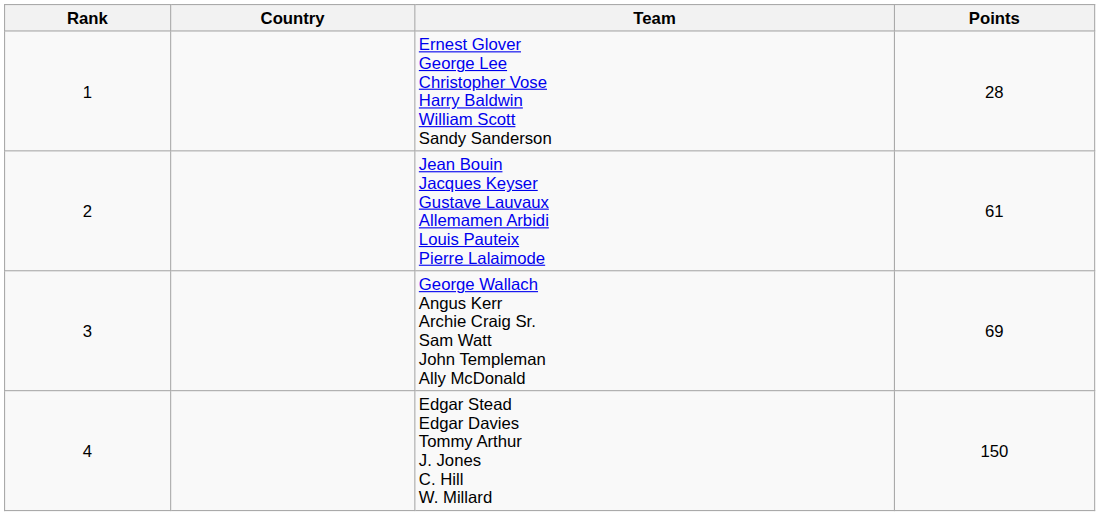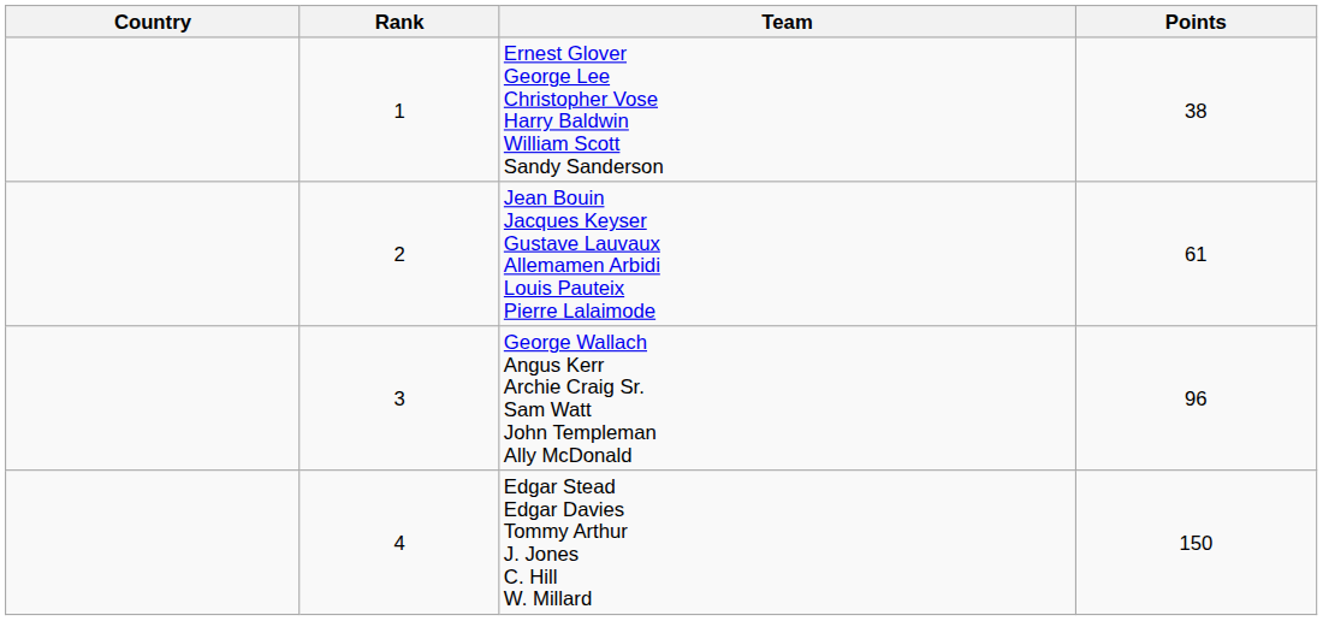 <table class="wikitable sortable" style=" text-align:center; font-size:95%;" width="50%">
 <tr>
+<th>Country</th>
 <th>Rank</th>
-<th>Country</th>
 <th>Team</th>
 <th>Points</th>
 </tr>
 <tr>
+<td align=left></td>
 <td align=center>1</td>
-<td align=left></td>
 <td align=left><a href='#'>Ernest Glover</a><br><a href='#'>George Lee</a><br><a href='#'>Christopher Vose</a><br><a href='#'>Harry Baldwin</a><br><a href='#'>William Scott</a><br>Sandy Sanderson</td>
-<td>28</td>
+<td>38</td>
 </tr>
 <tr>
+<td align=left></td>
 <td align=center>2</td>
-<td align=left></td>
 <td align=left><a href='#'>Jean Bouin</a><br><a href='#'>Jacques Keyser</a><br><a href='#'>Gustave Lauvaux</a><br><a href='#'>Allemamen Arbidi</a><br><a href='#'>Louis Pauteix</a><br><a href='#'>Pierre Lalaimode</a></td>
 <td>61</td>
 </tr>
 <tr>
+<td align=left></td>
 <td align=center>3</td>
-<td align=left></td>
 <td align=left><a href='#'>George Wallach</a><br>Angus Kerr<br>Archie Craig Sr.<br>Sam Watt<br>John Templeman<br>Ally McDonald</td>
-<td>69</td>
+<td>96</td>
 </tr>
 <tr>
+<td align=left></td>
 <td align=center>4</td>
-<td align=left></td>
 <td align=left>Edgar Stead<br>Edgar Davies<br>Tommy Arthur<br>J. Jones<br>C. Hill<br>W. Millard</td>
 <td>150</td>
 </tr>
 </table>
